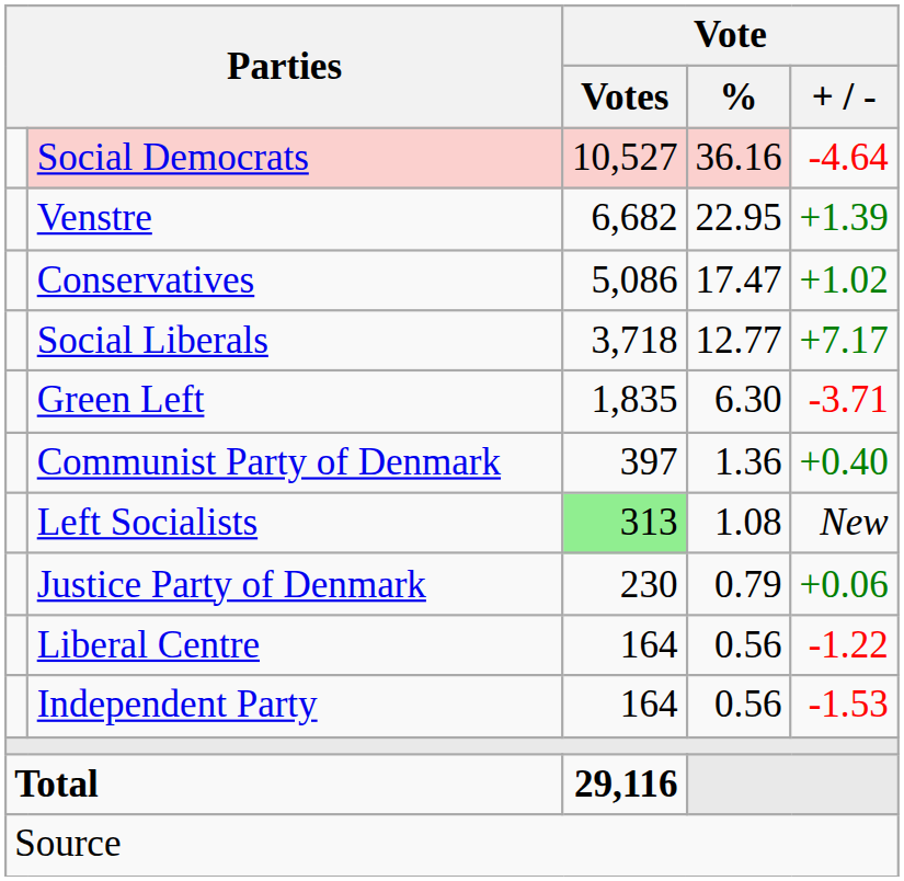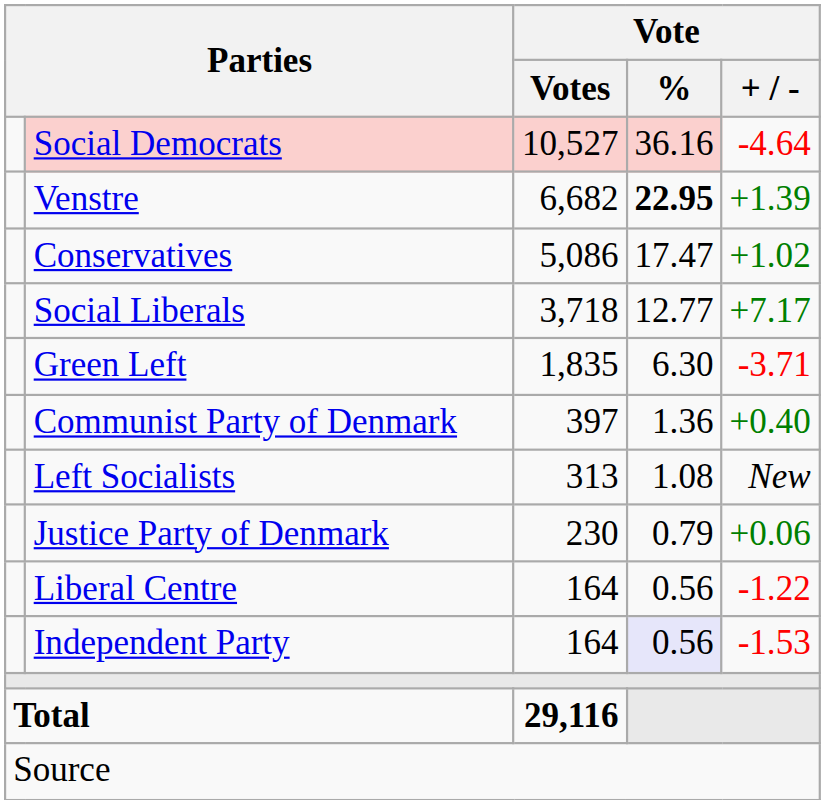 <table class="wikitable" style="text-align:right;">
 <tr>
 <th style="text-align:centre;" rowspan="2" colspan="2" width="225">Parties</th>
 <th colspan="3">Vote</th>
 </tr>
 <tr>
 <th width="15">Votes</th>
 <th width="15">%</th>
 <th width="15">+ / -</th>
 </tr>
 <tr>
 <td width="2" style="color:inherit;background:"></td>
 <td bgcolor=#fbd0ce  align="left"><a href='#'>Social Democrats</a></td>
 <td bgcolor=#fbd0ce>10,527</td>
 <td bgcolor=#fbd0ce>36.16</td>
 <td style=color:red;>-4.64</td>
 </tr>
 <tr>
 <td width="2" style="color:inherit;background:"></td>
 <td align="left"><a href='#'>Venstre</a></td>
 <td>6,682</td>
-<td>22.95</td>
+<td><strong>22.95</strong></td>
 <td style=color:green;>+1.39</td>
 </tr>
 <tr>
 <td width="2" style="color:inherit;background:"></td>
 <td align="left"><a href='#'>Conservatives</a></td>
 <td>5,086</td>
 <td>17.47</td>
 <td style=color:green;>+1.02</td>
 </tr>
 <tr>
 <td width="2" style="color:inherit;background:"></td>
 <td align="left"><a href='#'>Social Liberals</a></td>
 <td>3,718</td>
 <td>12.77</td>
 <td style=color:green;>+7.17</td>
 </tr>
 <tr>
 <td width="2" style="color:inherit;background:"></td>
 <td align="left"><a href='#'>Green Left</a></td>
 <td>1,835</td>
 <td>6.30</td>
 <td style=color:red;>-3.71</td>
 </tr>
 <tr>
 <td width="2" style="color:inherit;background:"></td>
 <td align="left"><a href='#'>Communist Party of Denmark</a></td>
 <td>397</td>
 <td>1.36</td>
 <td style=color:green;>+0.40</td>
 </tr>
 <tr>
 <td width="2" style="color:inherit;background:"></td>
 <td align="left"><a href='#'>Left Socialists</a></td>
-<td style="background: lightgreen;">313</td>
+<td>313</td>
 <td>1.08</td>
 <td><em>New</em></td>
 </tr>
 <tr>
 <td width="2" style="color:inherit;background:"></td>
 <td align="left"><a href='#'>Justice Party of Denmark</a></td>
 <td>230</td>
 <td>0.79</td>
 <td style=color:green;>+0.06</td>
 </tr>
 <tr>
 <td width="2" style="color:inherit;background:"></td>
 <td align="left"><a href='#'>Liberal Centre</a></td>
 <td>164</td>
 <td>0.56</td>
 <td style=color:red;>-1.22</td>
 </tr>
 <tr>
 <td width="2" style="color:inherit;background:"></td>
 <td align="left"><a href='#'>Independent Party</a></td>
 <td>164</td>
-<td>0.56</td>
+<td style="background: lavender;">0.56</td>
 <td style=color:red;>-1.53</td>
 </tr>
 <tr>
 <td colspan="7" bgcolor="#E9E9E9"></td>
 </tr>
 <tr>
 <td align="left" colspan="2"><strong>Total</strong></td>
 <td><strong>29,116</strong></td>
 <td bgcolor="#E9E9E9" colspan="2"></td>
 </tr>
 <tr>
 <td align="left" colspan="6">Source</td>
 </tr>
 </table>
